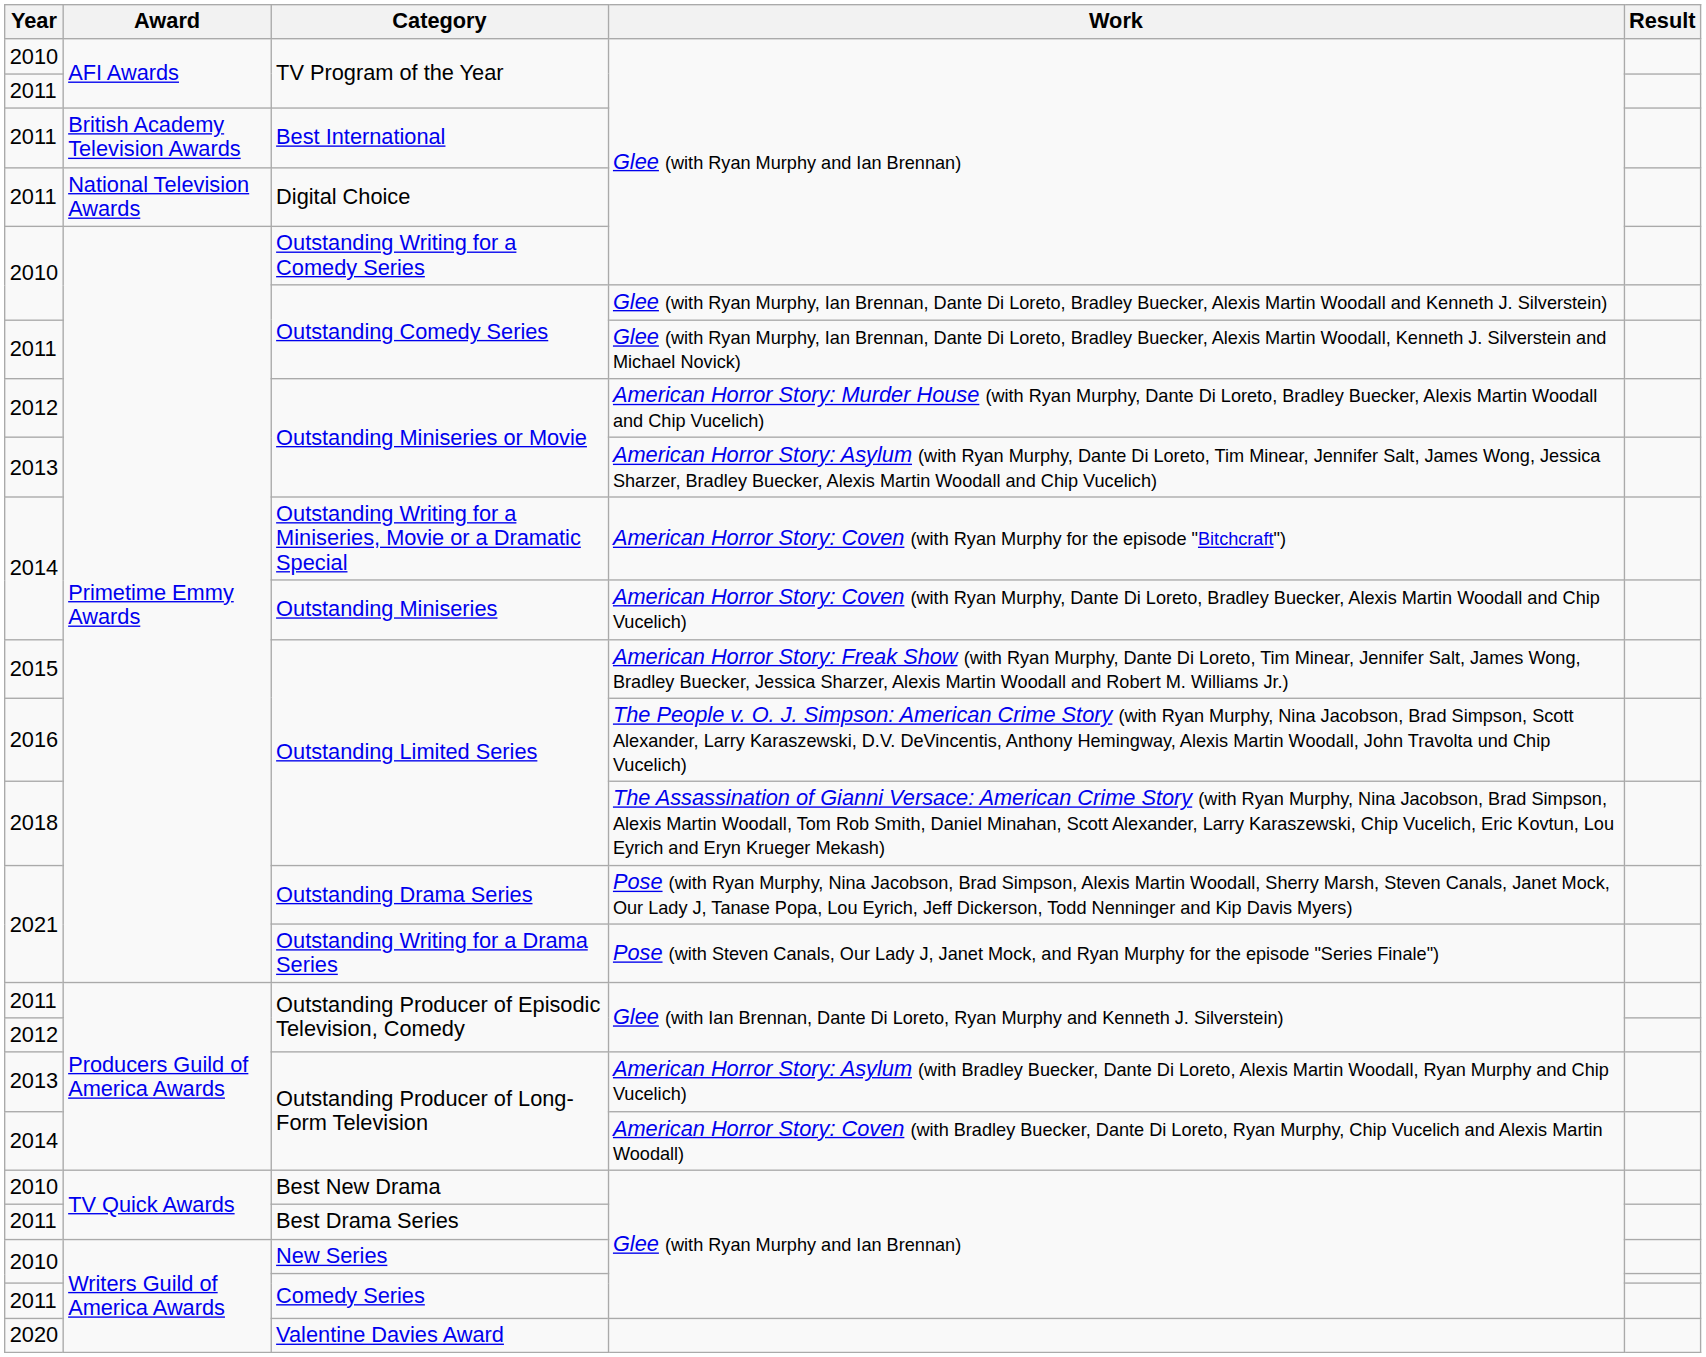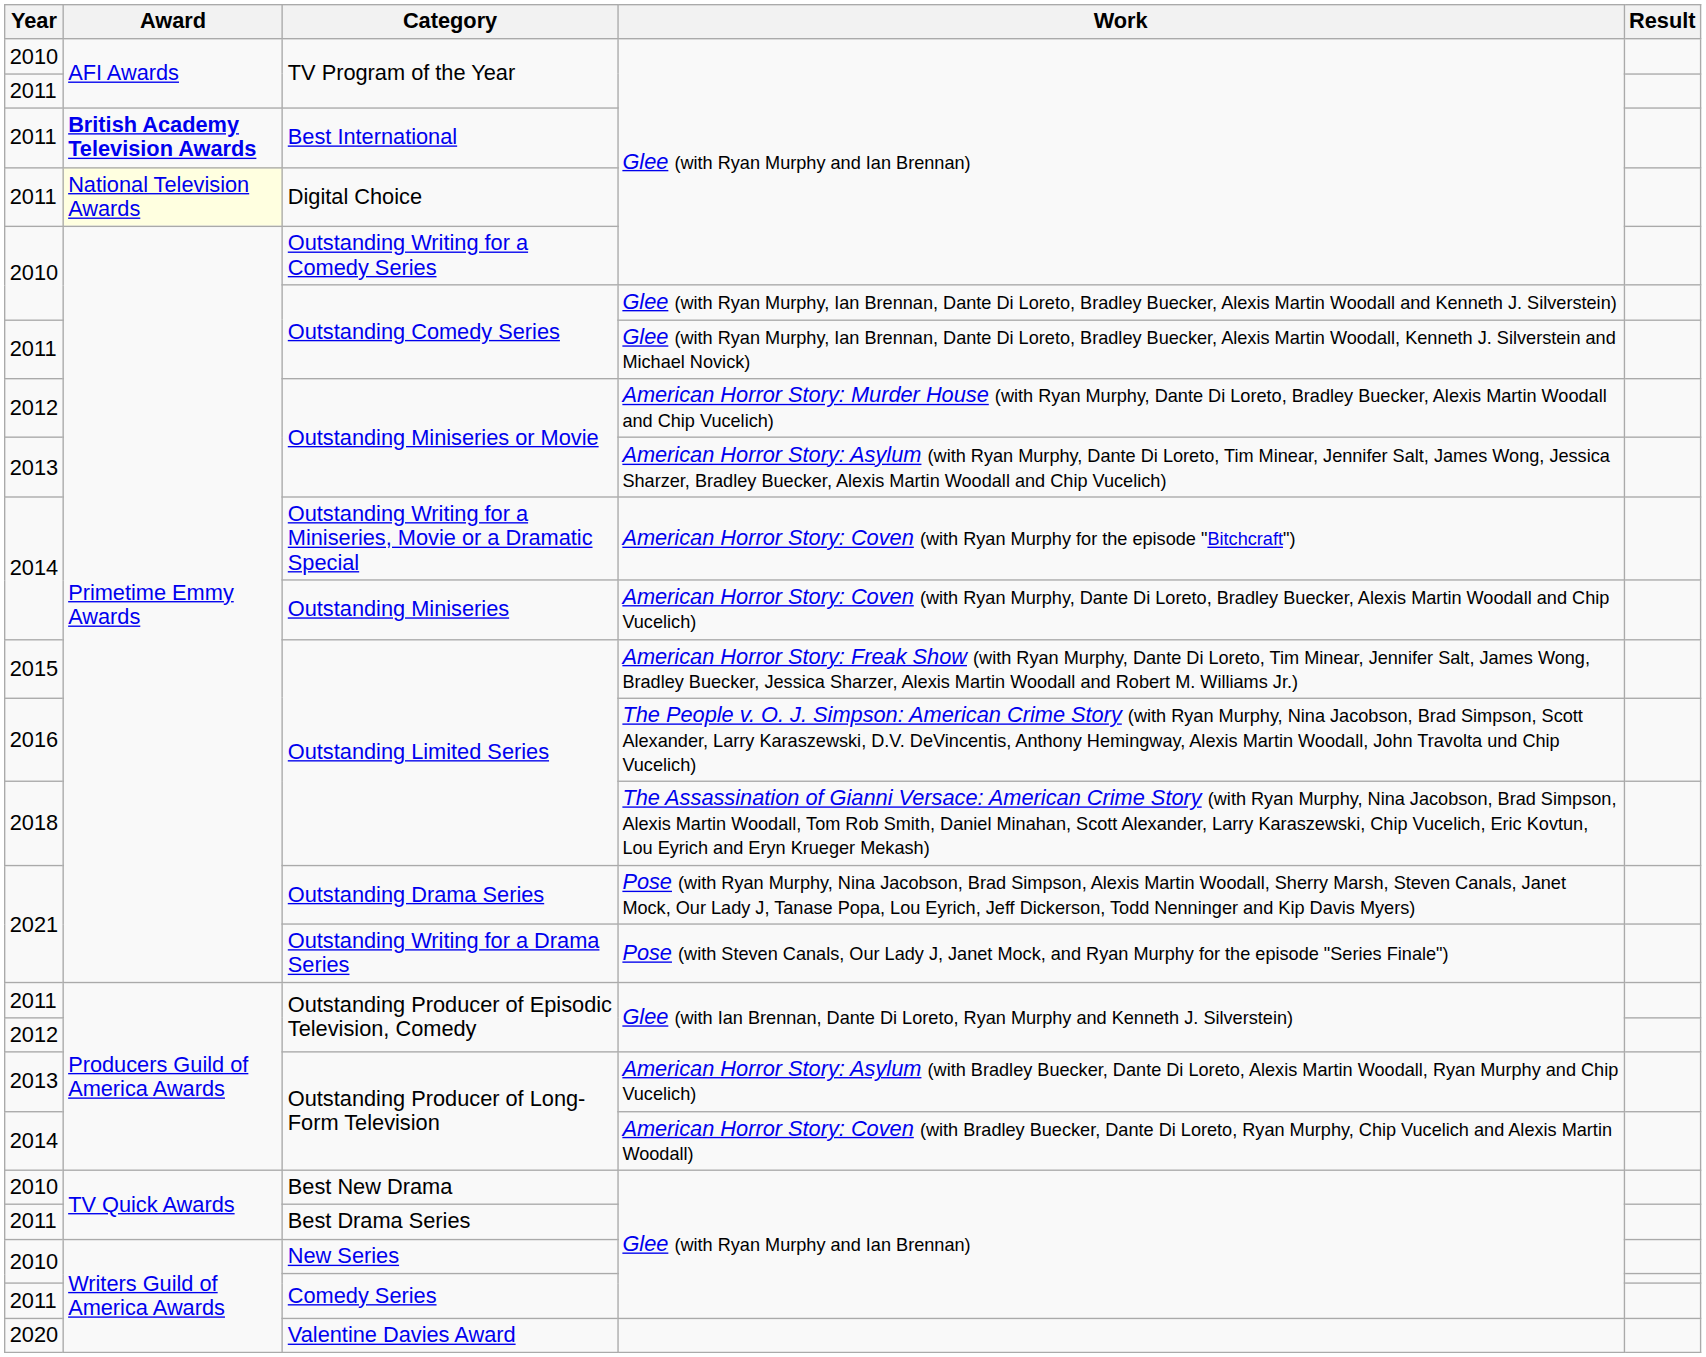 <table class="wikitable sortable">
 <tr>
 <th>Year</th>
 <th>Award</th>
 <th>Category</th>
 <th>Work</th>
 <th>Result</th>
 </tr>
 <tr>
 <td>2010</td>
 <td rowspan="2"><a href='#'>AFI Awards</a></td>
 <td rowspan="2">TV Program of the Year</td>
 <td rowspan="5"><em><a href='#'>Glee</a></em> <small>(with Ryan Murphy and Ian Brennan)</small></td>
 <td></td>
 </tr>
 <tr>
 <td>2011</td>
 <td></td>
 </tr>
 <tr>
 <td>2011</td>
-<td><a href='#'>British Academy Television Awards</a></td>
+<td><strong><a href='#'>British Academy Television Awards</a></strong></td>
 <td><a href='#'>Best International</a></td>
 <td></td>
 </tr>
 <tr>
 <td>2011</td>
-<td><a href='#'>National Television Awards</a></td>
+<td style="background: lightyellow;"><a href='#'>National Television Awards</a></td>
 <td>Digital Choice</td>
 <td></td>
 </tr>
 <tr>
 <td rowspan="2">2010</td>
 <td rowspan="12"><a href='#'>Primetime Emmy Awards</a></td>
 <td><a href='#'>Outstanding Writing for a Comedy Series</a></td>
 <td></td>
 </tr>
 <tr>
 <td rowspan="2"><a href='#'>Outstanding Comedy Series</a></td>
 <td><em><a href='#'>Glee</a></em> <small>(with Ryan Murphy, Ian Brennan, Dante Di Loreto, Bradley Buecker, Alexis Martin Woodall and Kenneth J. Silverstein)</small></td>
 <td></td>
 </tr>
 <tr>
 <td>2011</td>
 <td><em><a href='#'>Glee</a></em> <small>(with Ryan Murphy, Ian Brennan, Dante Di Loreto, Bradley Buecker, Alexis Martin Woodall, Kenneth J. Silverstein and Michael Novick)</small></td>
 <td></td>
 </tr>
 <tr>
 <td>2012</td>
 <td rowspan="2"><a href='#'>Outstanding Miniseries or Movie</a></td>
 <td><em><a href='#'>American Horror Story: Murder House</a></em> <small>(with Ryan Murphy, Dante Di Loreto, Bradley Buecker, Alexis Martin Woodall and Chip Vucelich)</small></td>
 <td></td>
 </tr>
 <tr>
 <td>2013</td>
 <td><em><a href='#'>American Horror Story: Asylum</a></em> <small>(with Ryan Murphy, Dante Di Loreto, Tim Minear, Jennifer Salt, James Wong, Jessica Sharzer, Bradley Buecker, Alexis Martin Woodall and Chip Vucelich)</small></td>
 <td></td>
 </tr>
 <tr>
 <td rowspan="2">2014</td>
 <td><a href='#'>Outstanding Writing for a Miniseries, Movie or a Dramatic Special</a></td>
 <td><em><a href='#'>American Horror Story: Coven</a></em> <small>(with Ryan Murphy for the episode "<a href='#'>Bitchcraft</a>")</small></td>
 <td></td>
 </tr>
 <tr>
 <td><a href='#'>Outstanding Miniseries</a></td>
 <td><em><a href='#'>American Horror Story: Coven</a></em> <small>(with Ryan Murphy, Dante Di Loreto, Bradley Buecker, Alexis Martin Woodall and Chip Vucelich)</small></td>
 <td></td>
 </tr>
 <tr>
 <td>2015</td>
 <td rowspan="3"><a href='#'>Outstanding Limited Series</a></td>
 <td><em><a href='#'>American Horror Story: Freak Show</a></em> <small>(with Ryan Murphy, Dante Di Loreto, Tim Minear, Jennifer Salt, James Wong, Bradley Buecker, Jessica Sharzer, Alexis Martin Woodall and Robert M. Williams Jr.)</small></td>
 <td></td>
 </tr>
 <tr>
 <td>2016</td>
 <td><em><a href='#'>The People v. O. J. Simpson: American Crime Story</a></em> <small>(with Ryan Murphy, Nina Jacobson, Brad Simpson, Scott Alexander, Larry Karaszewski, D.V. DeVincentis, Anthony Hemingway, Alexis Martin Woodall, John Travolta und Chip Vucelich)</small></td>
 <td></td>
 </tr>
 <tr>
 <td>2018</td>
 <td><em><a href='#'>The Assassination of Gianni Versace: American Crime Story</a></em> <small>(with Ryan Murphy, Nina Jacobson, Brad Simpson, Alexis Martin Woodall, Tom Rob Smith, Daniel Minahan, Scott Alexander, Larry Karaszewski, Chip Vucelich, Eric Kovtun, Lou Eyrich and Eryn Krueger Mekash)</small></td>
 <td></td>
 </tr>
 <tr>
 <td rowspan="2">2021</td>
 <td><a href='#'>Outstanding Drama Series</a></td>
 <td><em><a href='#'>Pose</a></em> <small>(with Ryan Murphy, Nina Jacobson, Brad Simpson, Alexis Martin Woodall, Sherry Marsh, Steven Canals, Janet Mock, Our Lady J, Tanase Popa, Lou Eyrich, Jeff Dickerson, Todd Nenninger and Kip Davis Myers)</small></td>
 <td></td>
 </tr>
 <tr>
 <td><a href='#'>Outstanding Writing for a Drama Series</a></td>
 <td><em><a href='#'>Pose</a></em> <small>(with Steven Canals, Our Lady J, Janet Mock, and Ryan Murphy for the episode "Series Finale")</small></td>
 <td></td>
 </tr>
 <tr>
 <td>2011</td>
 <td rowspan="4"><a href='#'>Producers Guild of America Awards</a></td>
 <td rowspan="2">Outstanding Producer of Episodic Television, Comedy</td>
 <td rowspan="2"><em><a href='#'>Glee</a></em> <small>(with Ian Brennan, Dante Di Loreto, Ryan Murphy and Kenneth J. Silverstein)</small></td>
 <td></td>
 </tr>
 <tr>
 <td>2012</td>
 <td></td>
 </tr>
 <tr>
 <td>2013</td>
 <td rowspan="2">Outstanding Producer of Long-Form Television</td>
 <td><em><a href='#'>American Horror Story: Asylum</a></em> <small>(with Bradley Buecker, Dante Di Loreto, Alexis Martin Woodall, Ryan Murphy and Chip Vucelich)</small></td>
 <td></td>
 </tr>
 <tr>
 <td>2014</td>
 <td><em><a href='#'>American Horror Story: Coven</a></em> <small>(with Bradley Buecker, Dante Di Loreto, Ryan Murphy, Chip Vucelich and Alexis Martin Woodall)</small></td>
 <td></td>
 </tr>
 <tr>
 <td>2010</td>
 <td rowspan="2"><a href='#'>TV Quick Awards</a></td>
 <td>Best New Drama</td>
 <td rowspan="5"><em><a href='#'>Glee</a></em> <small>(with Ryan Murphy and Ian Brennan)</small></td>
 <td></td>
 </tr>
 <tr>
 <td>2011</td>
 <td>Best Drama Series</td>
 <td></td>
 </tr>
 <tr>
 <td rowspan="2">2010</td>
 <td rowspan="4"><a href='#'>Writers Guild of America Awards</a></td>
 <td><a href='#'>New Series</a></td>
 <td></td>
 </tr>
 <tr>
 <td rowspan="2"><a href='#'>Comedy Series</a></td>
 <td></td>
 </tr>
 <tr>
 <td>2011</td>
 <td></td>
 </tr>
 <tr>
 <td>2020</td>
 <td><a href='#'>Valentine Davies Award</a></td>
 <td "his positive impact on young writers through his work and efforts to improve literacy and promote self-confidence through arts education in schools."></td>
 </tr>
 </table>
